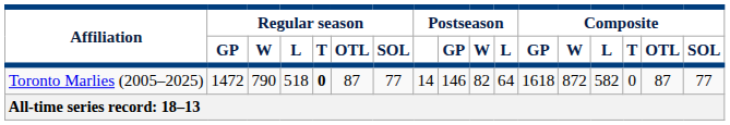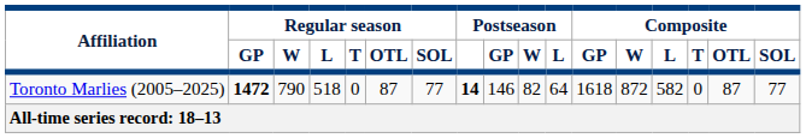 <table class="wikitable sortable plainrowheaders" style="font-size: 95%; text-align:center;">
 <tr>
 <th rowspan="2" scope="col" style="background-color:#ffffff; border-top:#003E7E 5px solid; border-bottom:#003E7E 5px solid; color:#0D223F">Affiliation</th>
 <th colspan="6" scope="col" style="background-color:#ffffff; border-top:#003E7E 5px solid; color:#071d49">Regular season</th>
 <th colspan="4" scope="col" style="background-color:#ffffff; border-top:#003E7E 5px solid; color:#071d49">Postseason</th>
 <th colspan="6" scope="col" style="background-color:#ffffff; border-top:#003E7E 5px solid; color:#071d49">Composite</th>
 </tr>
 <tr>
 <th colspan="1" scope="col" style="background-color:#ffffff; border-bottom:#003E7E 5px solid; color:#071d49">GP</th>
 <th colspan="1" scope="col" style="background-color:#ffffff; border-bottom:#003E7E 5px solid; color:#071d49">W</th>
 <th colspan="1" scope="col" style="background-color:#ffffff; border-bottom:#003E7E 5px solid; color:#071d49">L</th>
 <th colspan="1" scope="col" style="background-color:#ffffff; border-bottom:#003E7E 5px solid; color:#071d49">T</th>
 <th colspan="1" scope="col" style="background-color:#ffffff; border-bottom:#003E7E 5px solid; color:#071d49">OTL</th>
 <th colspan="1" scope="col" style="background-color:#ffffff; border-bottom:#003E7E 5px solid; color:#071d49">SOL</th>
 <th scope="col" style="background-color:#ffffff; border-bottom:#003E7E 5px solid; color:#071d49"></th>
 <th colspan="1" scope="col" style="background-color:#ffffff; border-bottom:#003E7E 5px solid; color:#071d49">GP</th>
 <th colspan="1" scope="col" style="background-color:#ffffff; border-bottom:#003E7E 5px solid; color:#071d49">W</th>
 <th colspan="1" scope="col" style="background-color:#ffffff; border-bottom:#003E7E 5px solid; color:#071d49">L</th>
 <th colspan="1" scope="col" style="background-color:#ffffff; border-bottom:#003E7E 5px solid; color:#071d49">GP</th>
 <th colspan="1" scope="col" style="background-color:#ffffff; border-bottom:#003E7E 5px solid; color:#071d49">W</th>
 <th colspan="1" scope="col" style="background-color:#ffffff; border-bottom:#003E7E 5px solid; color:#071d49">L</th>
 <th colspan="1" scope="col" style="background-color:#ffffff; border-bottom:#003E7E 5px solid; color:#071d49">T</th>
 <th colspan="1" scope="col" style="background-color:#ffffff; border-bottom:#003E7E 5px solid; color:#071d49">OTL</th>
 <th colspan="1" scope="col" style="background-color:#ffffff; border-bottom:#003E7E 5px solid; color:#071d49">SOL</th>
 </tr>
 <tr>
 <td ! colspan="1" style="text-align:left;"><a href='#'>Toronto Marlies</a> (2005–2025)</td>
-<td>1472</td>
+<td><strong>1472</strong></td>
 <td>790</td>
 <td>518</td>
-<td><strong>0</strong></td>
+<td>0</td>
 <td>87</td>
 <td>77</td>
-<td>14</td>
+<td><strong>14</strong></td>
 <td>146</td>
 <td>82</td>
 <td>64</td>
 <td>1618</td>
 <td>872</td>
 <td>582</td>
 <td>0</td>
 <td>87</td>
 <td>77</td>
 </tr>
 <tr>
 <th colspan="19" style="text-align:left; font-size:95%">All-time series record: 18–13</th>
 </tr>
 </table>
